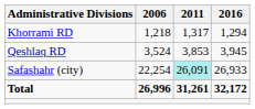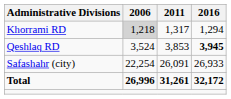 <table class="wikitable">
 <tr>
 <th>Administrative Divisions</th>
 <th>2006</th>
 <th>2011</th>
 <th>2016</th>
 </tr>
 <tr>
 <td><a href='#'>Khorrami RD</a></td>
-<td style="text-align: right;">1,218</td>
+<td style="background: lightgrey; text-align: right;">1,218</td>
 <td style="text-align: right;">1,317</td>
 <td style="text-align: right;">1,294</td>
 </tr>
 <tr>
 <td><a href='#'>Qeshlaq RD</a></td>
 <td style="text-align: right;">3,524</td>
 <td style="text-align: right;">3,853</td>
-<td style="text-align: right;">3,945</td>
+<td style="text-align: right;"><strong>3,945</strong></td>
 </tr>
 <tr>
 <td><a href='#'>Safashahr</a> (city)</td>
 <td style="text-align: right;">22,254</td>
-<td style="background: paleturquoise; text-align: right;">26,091</td>
+<td style="text-align: right;">26,091</td>
 <td style="text-align: right;">26,933</td>
 </tr>
 <tr>
 <td><strong>Total</strong></td>
 <td style="text-align: right;"><strong>26,996</strong></td>
 <td style="text-align: right;"><strong>31,261</strong></td>
 <td style="text-align: right;"><strong>32,172</strong></td>
 </tr>
 <tr>
 <td colspan=4></td>
 </tr>
 </table>
